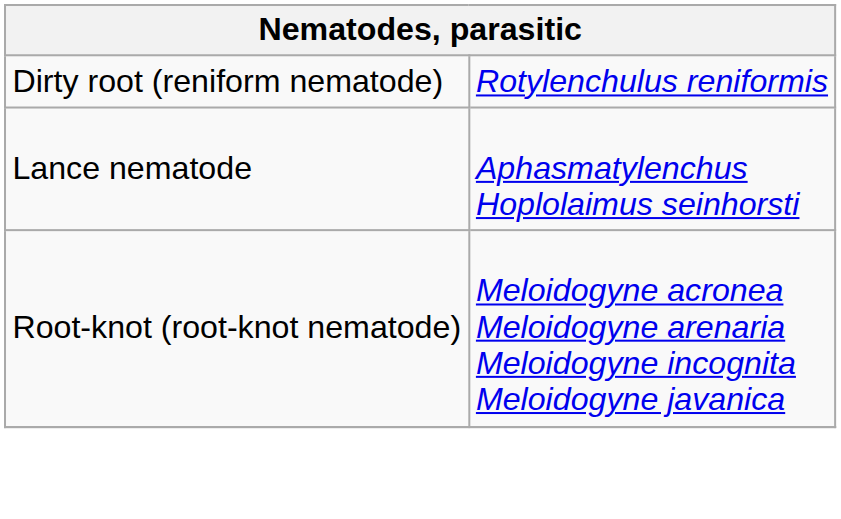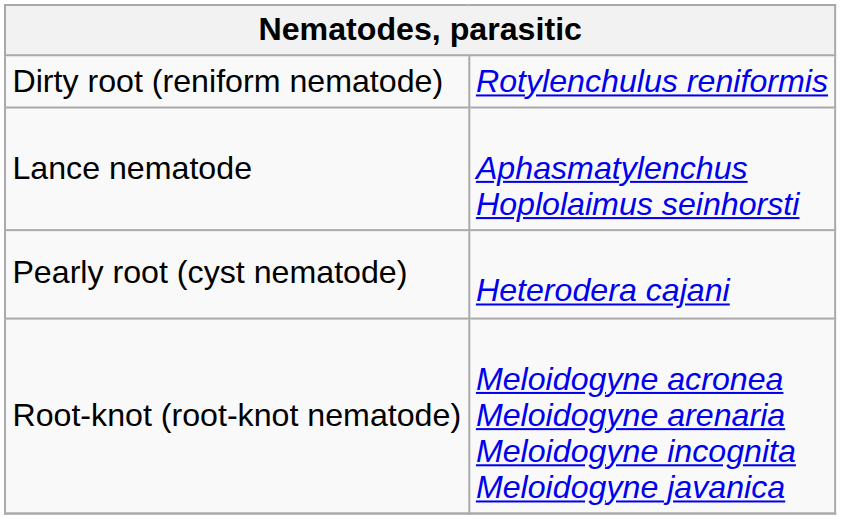 <table class="wikitable" style="clear">
 <tr>
 <th colspan=2><strong>Nematodes, parasitic</strong><br></th>
 </tr>
 <tr>
 <td>Dirty root (reniform nematode)</td>
 <td><em><a href='#'>Rotylenchulus reniformis</a></em></td>
 </tr>
 <tr>
 <td>Lance nematode</td>
 <td><br><em><a href='#'>Aphasmatylenchus</a></em><br> <em><a href='#'>Hoplolaimus seinhorsti</a></em></td>
 </tr>
 <tr>
+<td>Pearly root (cyst nematode)</td>
+<td><br><em><a href='#'>Heterodera cajani</a></em></td>
+</tr>
+<tr>
 <td>Root-knot (root-knot nematode)</td>
 <td><br><em><a href='#'>Meloidogyne acronea</a></em><br> <em><a href='#'>Meloidogyne arenaria</a></em><br> <em><a href='#'>Meloidogyne incognita</a></em><br> <em><a href='#'>Meloidogyne javanica</a></em></td>
 </tr>
 <tr>
 </tr>
 </table>
